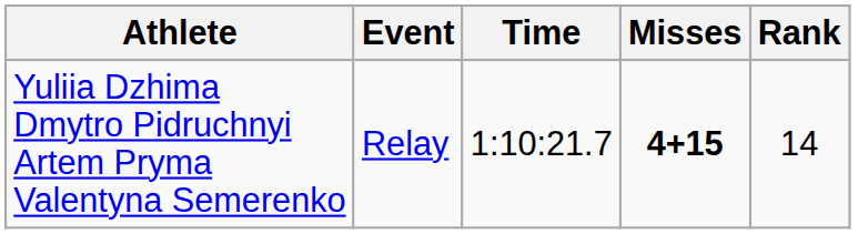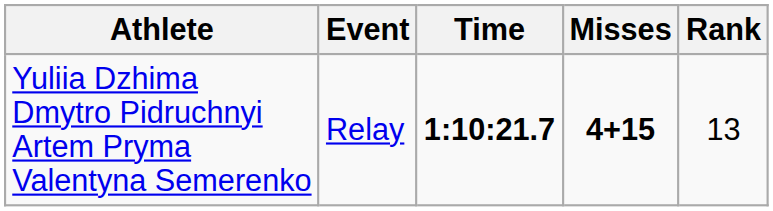 <table class=wikitable style=font-size:90%;text-align:center>
 <tr>
 <th>Athlete</th>
 <th>Event</th>
 <th>Time</th>
 <th>Misses</th>
 <th>Rank</th>
 </tr>
 <tr>
 <td align=left><a href='#'>Yuliia Dzhima</a><br><a href='#'>Dmytro Pidruchnyi</a><br><a href='#'>Artem Pryma</a><br><a href='#'>Valentyna Semerenko</a></td>
 <td align=left><a href='#'>Relay</a></td>
-<td>1:10:21.7</td>
+<td><strong>1:10:21.7</strong></td>
 <td><strong>4+15</strong></td>
-<td>14</td>
+<td>13</td>
 </tr>
 </table>
